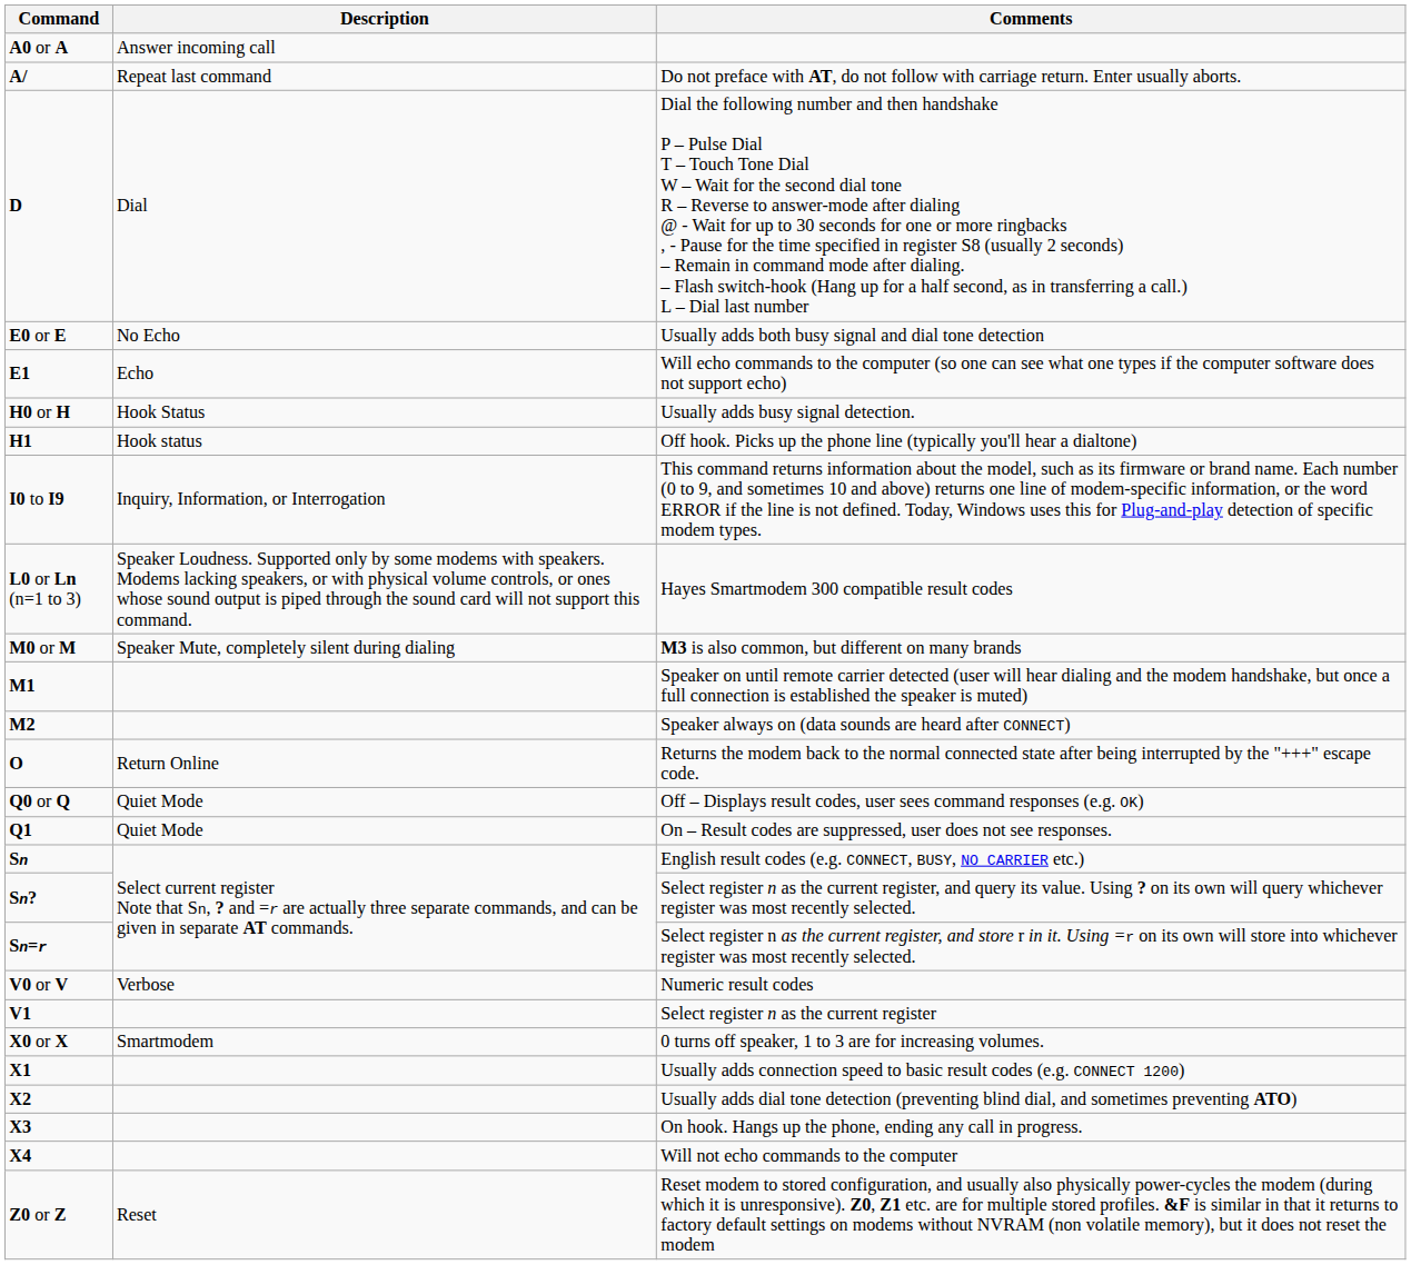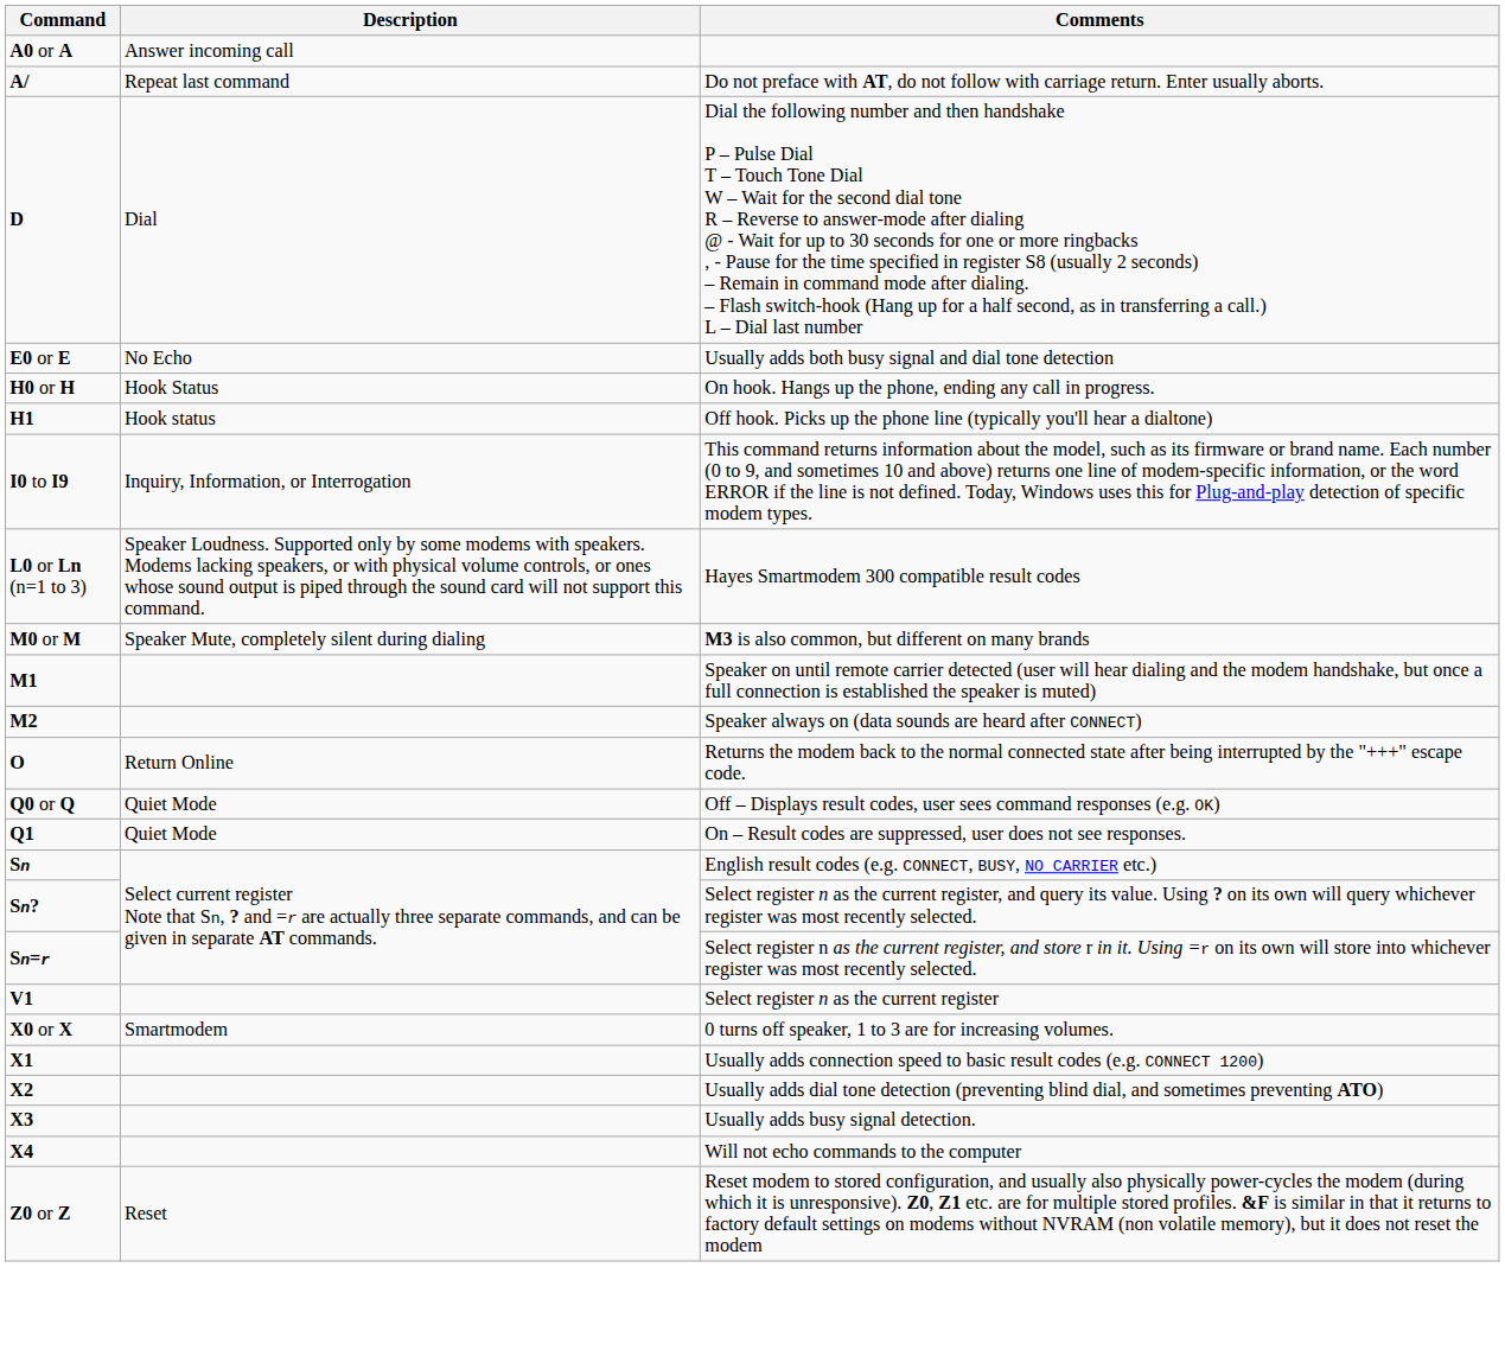 <table class="wikitable">
 <tr>
 <th>Command</th>
 <th>Description</th>
 <th>Comments</th>
 </tr>
 <tr>
 <td><strong>A0</strong> or <strong>A</strong></td>
 <td>Answer incoming call</td>
 <td> </td>
 </tr>
 <tr>
 <td><strong>A/</strong></td>
 <td>Repeat last command</td>
 <td>Do not preface with <strong>AT</strong>, do not follow with carriage return. Enter usually aborts.</td>
 </tr>
 <tr>
 <td><strong>D</strong></td>
 <td>Dial</td>
 <td>Dial the following number and then handshake<br><br>P – Pulse Dial<br> T – Touch Tone Dial<br> W – Wait for the second dial tone<br> R – Reverse to answer-mode after dialing<br> @ - Wait for up to 30 seconds for one or more ringbacks<br> , - Pause for the time specified in register S8 (usually 2 seconds)<br> – Remain in command mode after dialing.<br> – Flash switch-hook (Hang up for a half second, as in transferring a call.)<br> L – Dial last number</td>
 </tr>
 <tr>
 <td><strong>E0</strong> or <strong>E</strong></td>
 <td>No Echo</td>
 <td>Usually adds both busy signal and dial tone detection</td>
 </tr>
 <tr>
-<td><strong>E1</strong></td>
-<td>Echo</td>
-<td>Will echo commands to the computer (so one can see what one types if the computer software does not support echo)</td>
-</tr>
-<tr>
 <td><strong>H0</strong> or <strong>H</strong></td>
 <td>Hook Status</td>
-<td>Usually adds busy signal detection.</td>
+<td>On hook. Hangs up the phone, ending any call in progress.</td>
 </tr>
 <tr>
 <td><strong>H1</strong></td>
 <td>Hook status</td>
 <td>Off hook. Picks up the phone line (typically you'll hear a dialtone)</td>
 </tr>
 <tr>
 <td><strong>I0</strong> to <strong>I9</strong></td>
 <td>Inquiry, Information, or Interrogation</td>
 <td>This command returns information about the model, such as its firmware or brand name. Each number (0 to 9, and sometimes 10 and above) returns one line of modem-specific information, or the word ERROR if the line is not defined. Today, Windows uses this for <a href='#'>Plug-and-play</a> detection of specific modem types.</td>
 </tr>
 <tr>
 <td><strong>L0</strong> or <strong>Ln</strong> (n=1 to 3)</td>
 <td>Speaker Loudness. Supported only by some modems with speakers. Modems lacking speakers, or with physical volume controls, or ones whose sound output is piped through the sound card will not support this command.</td>
 <td>Hayes Smartmodem 300 compatible result codes</td>
 </tr>
 <tr>
 <td><strong>M0</strong> or <strong>M</strong></td>
 <td>Speaker Mute, completely silent during dialing</td>
 <td><strong>M3</strong> is also common, but different on many brands</td>
 </tr>
 <tr>
 <td><strong>M1</strong></td>
 <td></td>
 <td>Speaker on until remote carrier detected (user will hear dialing and the modem handshake, but once a full connection is established the speaker is muted)</td>
 </tr>
 <tr>
 <td><strong>M2</strong></td>
 <td></td>
 <td>Speaker always on (data sounds are heard after <code>CONNECT</code>)</td>
 </tr>
 <tr>
 <td><strong>O</strong></td>
 <td>Return Online</td>
 <td>Returns the modem back to the normal connected state after being interrupted by the "+++" escape code.</td>
 </tr>
 <tr>
 <td><strong>Q0</strong> or <strong>Q</strong></td>
 <td>Quiet Mode</td>
 <td>Off – Displays result codes, user sees command responses (e.g. <code>OK</code>)</td>
 </tr>
 <tr>
 <td><strong>Q1</strong></td>
 <td>Quiet Mode</td>
 <td>On – Result codes are suppressed, user does not see responses.</td>
 </tr>
 <tr>
 <td><strong>S<em><code>n</code><strong><em></td>
 <td rowspan="3">Select current register<br>Note that </strong>S</em><code>n</code></em></strong>, <strong>?</strong> and =<em><code>r</code></em> are actually three separate commands, and can be given in separate <strong>AT</strong> commands.</td>
 <td>English result codes (e.g. <code>CONNECT</code>, <code>BUSY</code>, <code><a href='#'>NO CARRIER</a></code> etc.)</td>
 </tr>
 <tr>
 <td><strong>S<em><code>n</code></em>?</strong></td>
 <td>Select register <em>n</em> as the current register, and query its value. Using <strong>?</strong> on its own will query whichever register was most recently selected.</td>
 </tr>
 <tr>
 <td><strong>S<em><code>n</code></em>=<em><code>r</code><strong><em></td>
 <td>Select register </em>n<em> as the current register, and store </em>r<em> in it. Using </strong>=</em><code>r</code></em></strong> on its own will store into whichever register was most recently selected.</td>
 </tr>
 <tr>
-<td><strong>V0</strong> or <strong>V</strong></td>
-<td>Verbose</td>
-<td>Numeric result codes</td>
-</tr>
-<tr>
 <td><strong>V1</strong></td>
 <td></td>
 <td>Select register <em>n</em> as the current register</td>
 </tr>
 <tr>
 <td><strong>X0</strong> or <strong>X</strong></td>
 <td>Smartmodem</td>
 <td>0 turns off speaker, 1 to 3 are for increasing volumes.</td>
 </tr>
 <tr>
 <td><strong>X1</strong></td>
 <td></td>
 <td>Usually adds connection speed to basic result codes (e.g. <code>CONNECT 1200</code>)</td>
 </tr>
 <tr>
 <td><strong>X2</strong></td>
 <td></td>
 <td>Usually adds dial tone detection (preventing blind dial, and sometimes preventing <strong>ATO</strong>)</td>
 </tr>
 <tr>
 <td><strong>X3</strong></td>
 <td></td>
-<td>On hook. Hangs up the phone, ending any call in progress.</td>
+<td>Usually adds busy signal detection.</td>
 </tr>
 <tr>
 <td><strong>X4</strong></td>
 <td></td>
 <td>Will not echo commands to the computer</td>
 </tr>
 <tr>
 <td><strong>Z0</strong> or <strong>Z</strong></td>
 <td>Reset</td>
 <td>Reset modem to stored configuration, and usually also physically power-cycles the modem (during which it is unresponsive). <strong>Z0</strong>, <strong>Z1</strong> etc. are for multiple stored profiles. <strong>&F</strong> is similar in that it returns to factory default settings on modems without NVRAM (non volatile memory), but it does not reset the modem</td>
 </tr>
 </table>
